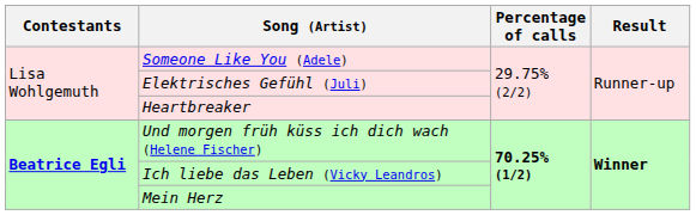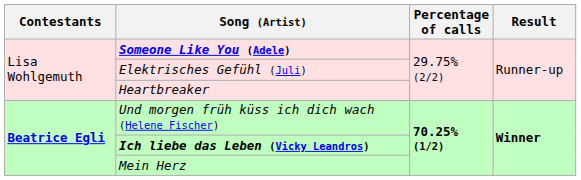 <table class="wikitable">
 <tr>
 <th style="width:110px;">Contestants</th>
 <th style="width:300px;">Song <small>(Artist)</small></th>
 <th style="width:80px;">Percentage of calls</th>
 <th style="width:80px;">Result</th>
 </tr>
 <tr bgcolor="#FFE1E4">
 <td align="left" rowspan=3>Lisa Wohlgemuth</td>
-<td align="left"><em><a href='#'>Someone Like You</a></em> <small>(<a href='#'>Adele</a>)</small></td>
+<td align="left"><strong><em><a href='#'>Someone Like You</a></em> <small>(<a href='#'>Adele</a>)</small></strong></td>
 <td rowspan=3>29.75% <small>(2/2)</small></td>
 <td rowspan=3>Runner-up</td>
 </tr>
 <tr bgcolor="#FFE1E4">
 <td align="left"><em>Elektrisches Gefühl</em> <small>(<a href='#'>Juli</a>)</small></td>
 </tr>
 <tr bgcolor="#FFE1E4">
 <td align="left"><em>Heartbreaker</em></td>
 </tr>
 <tr style="background:#c1ffc1;">
 <td align="left" rowspan=3><strong><a href='#'>Beatrice Egli</a></strong></td>
 <td align="left"><em>Und morgen früh küss ich dich wach</em> <small>(<a href='#'>Helene Fischer</a>)</small></td>
 <td rowspan=3><strong>70.25% <small>(1/2)</small> </strong></td>
 <td rowspan=3><strong>Winner</strong></td>
 </tr>
 <tr style="background:#c1ffc1;">
-<td align="left"><em>Ich liebe das Leben</em> <small>(<a href='#'>Vicky Leandros</a>)</small></td>
+<td align="left"><strong><em>Ich liebe das Leben</em> <small>(<a href='#'>Vicky Leandros</a>)</small></strong></td>
 </tr>
 <tr style="background:#c1ffc1;">
 <td align="left"><em>Mein Herz</em></td>
 </tr>
 </table>
